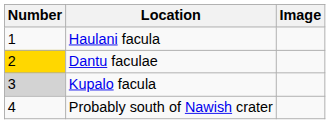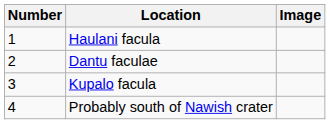 <table class="wikitable sortable">
 <tr>
 <th class="unsortable">Number</th>
 <th class="unsortable">Location</th>
 <th class="unsortable">Image</th>
 </tr>
 <tr>
 <td>1</td>
 <td><a href='#'>Haulani</a> facula</td>
 <td></td>
 </tr>
 <tr>
-<td style="background: gold;">2</td>
+<td>2</td>
 <td><a href='#'>Dantu</a> faculae</td>
 <td></td>
 </tr>
 <tr>
-<td style="background: lightgrey;">3</td>
+<td>3</td>
 <td><a href='#'>Kupalo</a> facula</td>
 <td></td>
 </tr>
 <tr>
 <td>4</td>
 <td>Probably south of <a href='#'>Nawish</a> crater</td>
 </tr>
 </table>
